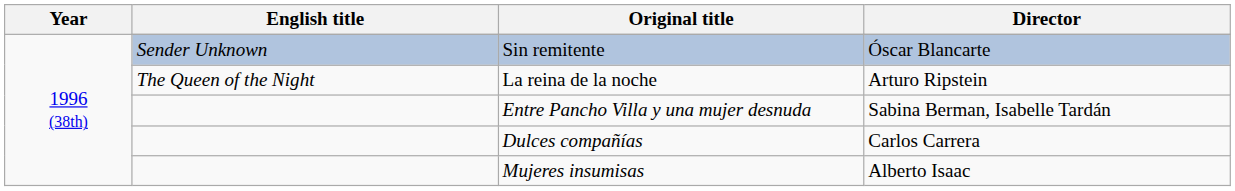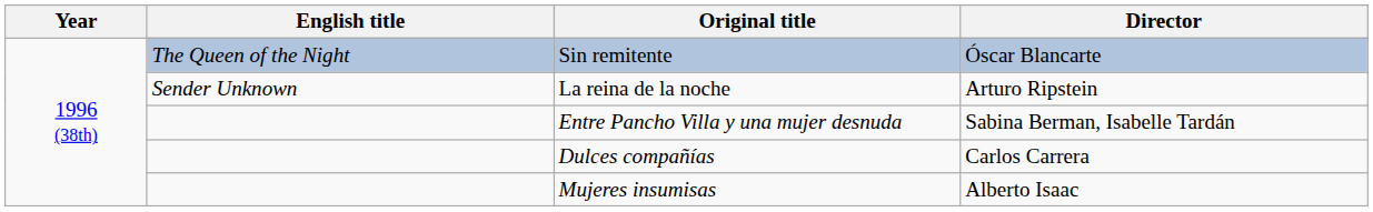 <table class="wikitable">
 <tr>
 <th width="100"><strong>Year</strong></th>
 <th width="300"><strong>English title</strong></th>
 <th width="300"><strong>Original title</strong></th>
 <th width="300"><strong>Director</strong></th>
 </tr>
 <tr>
 <td rowspan="6" style="text-align:center;"><a href='#'>1996</a><br><small><a href='#'>(38th)</a></small></td>
 </tr>
 <tr style="background:#B0C4DE;">
-<td><em>Sender Unknown</em></td>
+<td><em>The Queen of the Night</em></td>
 <td>Sin remitente</td>
 <td>Óscar Blancarte</td>
 </tr>
 <tr>
-<td><em>The Queen of the Night</em></td>
+<td><em>Sender Unknown</em></td>
 <td>La reina de la noche</td>
 <td>Arturo Ripstein</td>
 </tr>
 <tr>
 <td></td>
 <td><em>Entre Pancho Villa y una mujer desnuda</em></td>
 <td>Sabina Berman, Isabelle Tardán</td>
 </tr>
 <tr>
 <td></td>
 <td><em>Dulces compañías</em></td>
 <td>Carlos Carrera</td>
 </tr>
 <tr>
 <td></td>
 <td><em>Mujeres insumisas</em></td>
 <td>Alberto Isaac</td>
 </tr>
 </table>
